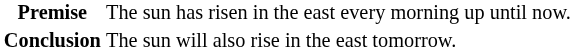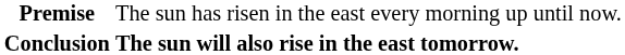 <table>
 <tr>
 <th>Premise</th>
 <td>The sun has risen in the east every morning up until now.</td>
 </tr>
 <tr>
 <th>Conclusion</th>
-<td>The sun will also rise in the east tomorrow.</td>
+<td><strong>The sun will also rise in the east tomorrow.</strong></td>
 </tr>
 </table>
